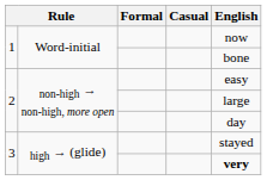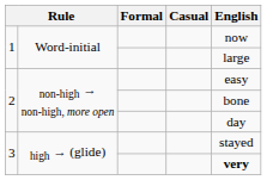 <table class="wikitable" style="text-align: center;">
 <tr>
 <th colspan="2">Rule</th>
 <th>Formal</th>
 <th>Casual</th>
 <th>English</th>
 </tr>
 <tr>
 <td rowspan="2">1</td>
 <td rowspan="2">Word-initial </td>
 <td></td>
 <td></td>
 <td>now</td>
 </tr>
 <tr>
 <td></td>
 <td></td>
-<td>bone</td>
+<td>large</td>
 </tr>
 <tr>
 <td rowspan="3">2</td>
 <td rowspan="3"><sub>non-high</sub> → <br><sub>non-high, <em>more open</em></sub></td>
 <td></td>
 <td></td>
 <td>easy</td>
 </tr>
 <tr>
 <td></td>
 <td></td>
-<td>large</td>
+<td>bone</td>
 </tr>
 <tr>
 <td></td>
 <td></td>
 <td>day</td>
 </tr>
 <tr>
 <td rowspan="2">3</td>
 <td rowspan="2"><sub>high</sub> →  (glide)</td>
 <td></td>
 <td></td>
 <td>stayed</td>
 </tr>
 <tr>
 <td></td>
 <td></td>
 <td><strong>very</strong></td>
 </tr>
 </table>
